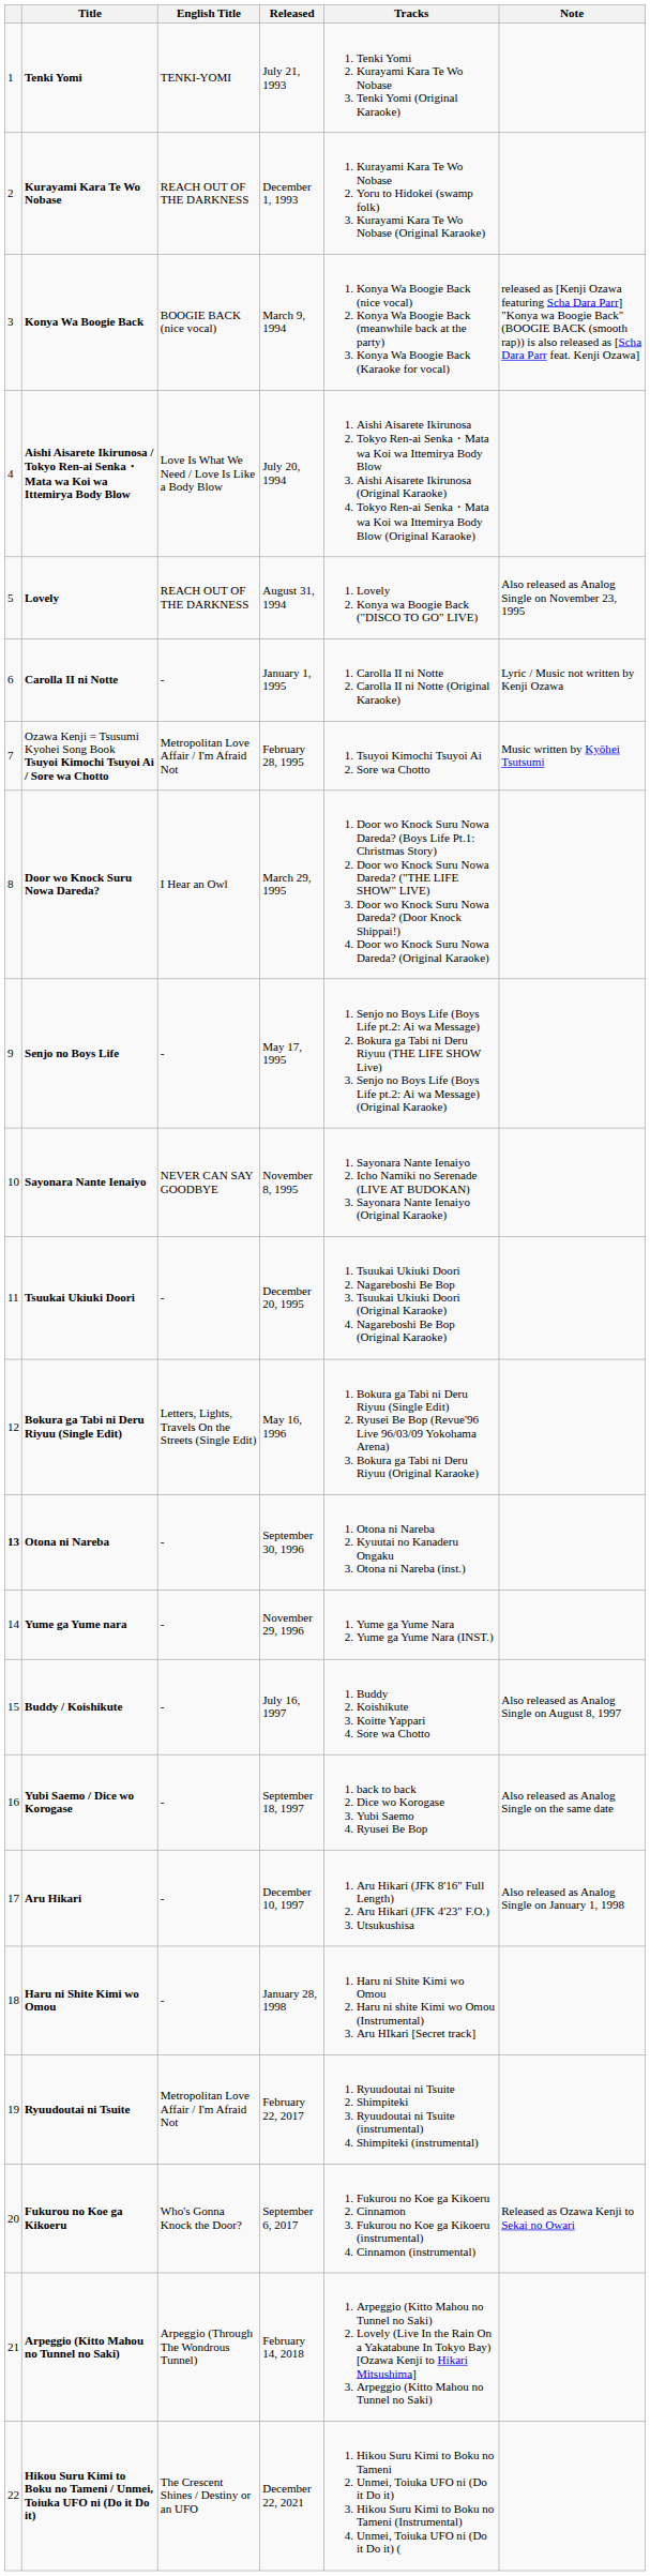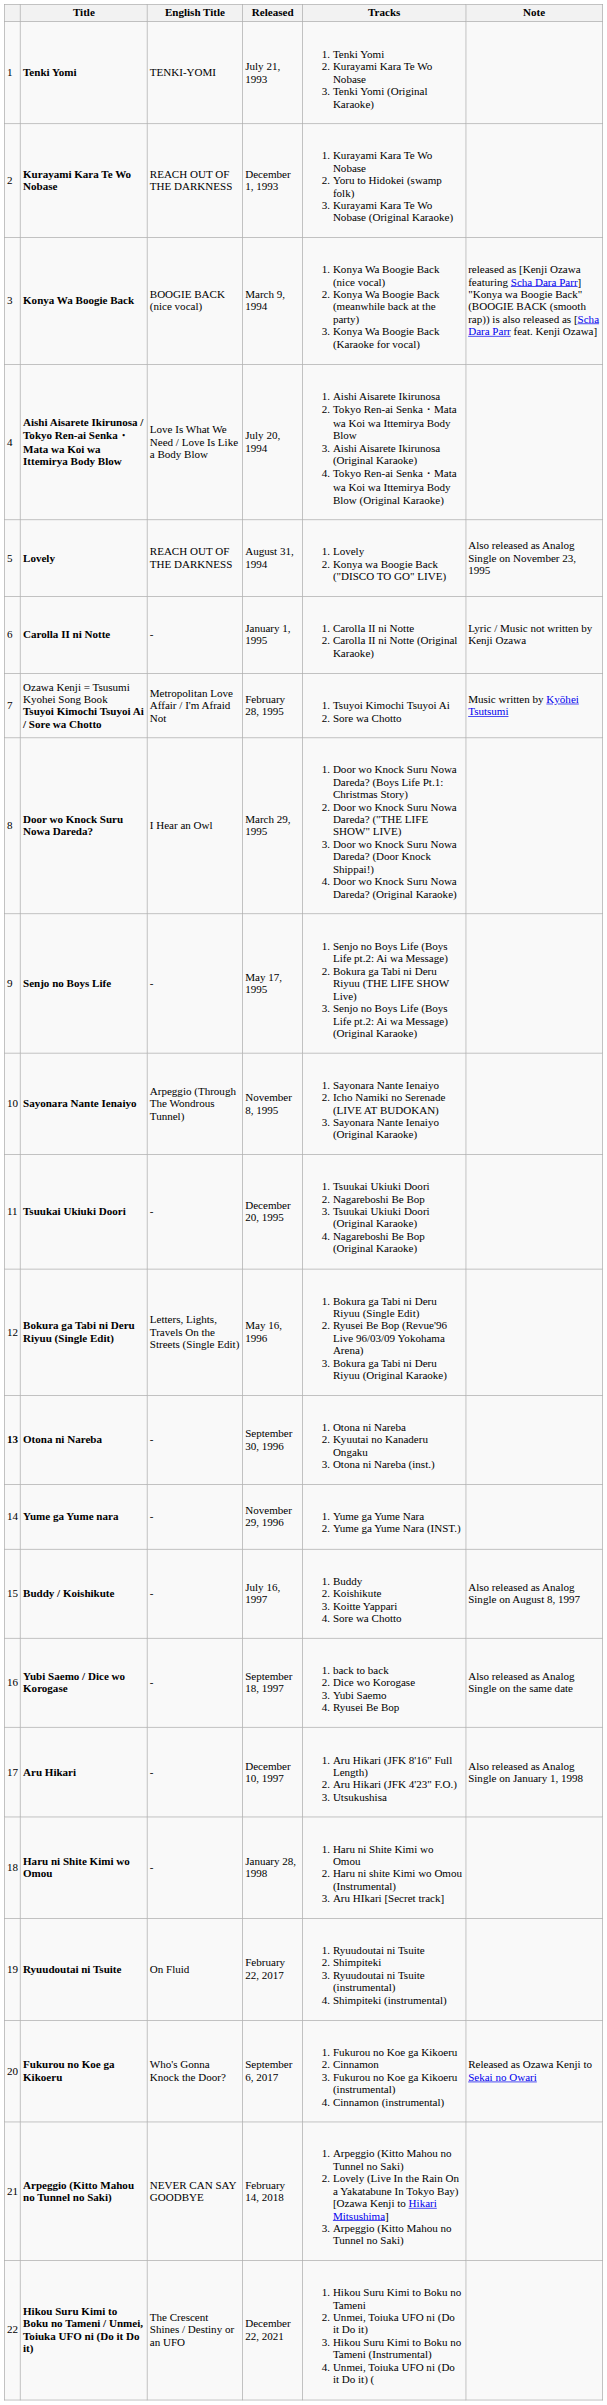 <table class="wikitable">
 <tr>
 <th></th>
 <th>Title</th>
 <th>English Title</th>
 <th>Released</th>
 <th>Tracks</th>
 <th>Note</th>
 </tr>
 <tr>
 <td>1</td>
 <td><strong>Tenki Yomi</strong></td>
 <td>TENKI-YOMI</td>
 <td>July 21, 1993</td>
 <td><br><ol><li>Tenki Yomi</li><li>Kurayami Kara Te Wo Nobase</li><li>Tenki Yomi (Original Karaoke)</li></ol></td>
 <td></td>
 </tr>
 <tr>
 <td>2</td>
 <td><strong>Kurayami Kara Te Wo Nobase</strong></td>
 <td>REACH OUT OF THE DARKNESS</td>
 <td>December 1, 1993</td>
 <td><br><ol><li>Kurayami Kara Te Wo Nobase</li><li>Yoru to Hidokei (swamp folk)</li><li>Kurayami Kara Te Wo Nobase (Original Karaoke)</li></ol></td>
 <td></td>
 </tr>
 <tr>
 <td>3</td>
 <td><strong>Konya Wa Boogie Back</strong></td>
 <td>BOOGIE BACK (nice vocal)</td>
 <td>March 9, 1994</td>
 <td><br><ol><li>Konya Wa Boogie Back (nice vocal)</li><li>Konya Wa Boogie Back (meanwhile back at the party)</li><li>Konya Wa Boogie Back (Karaoke for vocal)</li></ol></td>
 <td>released as [Kenji Ozawa featuring <a href='#'>Scha Dara Parr</a>]<br>"Konya wa Boogie Back" (BOOGIE BACK (smooth rap)) is also released as [<a href='#'>Scha Dara Parr</a> feat. Kenji Ozawa]</td>
 </tr>
 <tr>
 <td>4</td>
 <td><strong>Aishi Aisarete Ikirunosa / Tokyo Ren-ai Senka・Mata wa Koi wa Ittemirya Body Blow</strong></td>
 <td>Love Is What We Need / Love Is Like a Body Blow</td>
 <td>July 20, 1994</td>
 <td><br><ol><li>Aishi Aisarete Ikirunosa</li><li>Tokyo Ren-ai Senka・Mata wa Koi wa Ittemirya Body Blow</li><li>Aishi Aisarete Ikirunosa (Original Karaoke)</li><li>Tokyo Ren-ai Senka・Mata wa Koi wa Ittemirya Body Blow (Original Karaoke)</li></ol></td>
 <td></td>
 </tr>
 <tr>
 <td>5</td>
 <td><strong>Lovely</strong></td>
 <td>REACH OUT OF THE DARKNESS</td>
 <td>August 31, 1994</td>
 <td><br><ol><li>Lovely</li><li>Konya wa Boogie Back ("DISCO TO GO" LIVE)</li></ol></td>
 <td>Also released as Analog Single on November 23, 1995</td>
 </tr>
 <tr>
 <td>6</td>
 <td><strong>Carolla II ni Notte</strong></td>
 <td>-</td>
 <td>January 1, 1995</td>
 <td><br><ol><li>Carolla II ni Notte</li><li>Carolla II ni Notte (Original Karaoke)</li></ol></td>
 <td>Lyric / Music not written by Kenji Ozawa</td>
 </tr>
 <tr>
 <td>7</td>
 <td>Ozawa Kenji = Tsusumi Kyohei Song Book<br><strong>Tsuyoi Kimochi Tsuyoi Ai / Sore wa Chotto</strong></td>
 <td>Metropolitan Love Affair / I'm Afraid Not</td>
 <td>February 28, 1995</td>
 <td><br><ol><li>Tsuyoi Kimochi Tsuyoi Ai</li><li>Sore wa Chotto</li></ol></td>
 <td>Music written by <a href='#'>Kyōhei Tsutsumi</a></td>
 </tr>
 <tr>
 <td>8</td>
 <td><strong>Door wo Knock Suru Nowa Dareda?</strong></td>
 <td>I Hear an Owl</td>
 <td>March 29, 1995</td>
 <td><br><ol><li>Door wo Knock Suru Nowa Dareda? (Boys Life Pt.1: Christmas Story)</li><li>Door wo Knock Suru Nowa Dareda? ("THE LIFE SHOW" LIVE)</li><li>Door wo Knock Suru Nowa Dareda? (Door Knock Shippai!)</li><li>Door wo Knock Suru Nowa Dareda? (Original Karaoke)</li></ol></td>
 <td></td>
 </tr>
 <tr>
 <td>9</td>
 <td><strong>Senjo no Boys Life</strong></td>
 <td>-</td>
 <td>May 17, 1995</td>
 <td><br><ol><li>Senjo no Boys Life (Boys Life pt.2: Ai wa Message)</li><li>Bokura ga Tabi ni Deru Riyuu (THE LIFE SHOW Live)</li><li>Senjo no Boys Life (Boys Life pt.2: Ai wa Message) (Original Karaoke)</li></ol></td>
 <td></td>
 </tr>
 <tr>
 <td>10</td>
 <td><strong>Sayonara Nante Ienaiyo</strong></td>
-<td>NEVER CAN SAY GOODBYE</td>
+<td>Arpeggio (Through The Wondrous Tunnel)</td>
 <td>November 8, 1995</td>
 <td><br><ol><li>Sayonara Nante Ienaiyo</li><li>Icho Namiki no Serenade (LIVE AT BUDOKAN)</li><li>Sayonara Nante Ienaiyo (Original Karaoke)</li></ol></td>
 <td></td>
 </tr>
 <tr>
 <td>11</td>
 <td><strong>Tsuukai Ukiuki Doori</strong></td>
 <td>-</td>
 <td>December 20, 1995</td>
 <td><br><ol><li>Tsuukai Ukiuki Doori</li><li>Nagareboshi Be Bop</li><li>Tsuukai Ukiuki Doori (Original Karaoke)</li><li>Nagareboshi Be Bop (Original Karaoke)</li></ol></td>
 <td></td>
 </tr>
 <tr>
 <td>12</td>
 <td><strong>Bokura ga Tabi ni Deru Riyuu (Single Edit)</strong></td>
 <td>Letters, Lights, Travels On the Streets (Single Edit)</td>
 <td>May 16, 1996</td>
 <td><br><ol><li>Bokura ga Tabi ni Deru Riyuu (Single Edit)</li><li>Ryusei Be Bop (Revue'96 Live 96/03/09 Yokohama Arena)</li><li>Bokura ga Tabi ni Deru Riyuu (Original Karaoke)</li></ol></td>
 <td></td>
 </tr>
 <tr>
 <td><strong>13</strong></td>
 <td><strong>Otona ni Nareba</strong></td>
 <td>-</td>
 <td>September 30, 1996</td>
 <td><br><ol><li>Otona ni Nareba</li><li>Kyuutai no Kanaderu Ongaku</li><li>Otona ni Nareba (inst.)</li></ol></td>
 <td></td>
 </tr>
 <tr>
 <td>14</td>
 <td><strong>Yume ga Yume nara</strong></td>
 <td>-</td>
 <td>November 29, 1996</td>
 <td><br><ol><li>Yume ga Yume Nara</li><li>Yume ga Yume Nara (INST.)</li></ol></td>
 <td></td>
 </tr>
 <tr>
 <td>15</td>
 <td><strong>Buddy / Koishikute</strong></td>
 <td>-</td>
 <td>July 16, 1997</td>
 <td><br><ol><li>Buddy</li><li>Koishikute</li><li>Koitte Yappari</li><li>Sore wa Chotto</li></ol></td>
 <td>Also released as Analog Single on August 8, 1997</td>
 </tr>
 <tr>
 <td>16</td>
 <td><strong>Yubi Saemo / Dice wo Korogase</strong></td>
 <td>-</td>
 <td>September 18, 1997</td>
 <td><br><ol><li>back to back</li><li>Dice wo Korogase</li><li>Yubi Saemo</li><li>Ryusei Be Bop</li></ol></td>
 <td>Also released as Analog Single on the same date</td>
 </tr>
 <tr>
 <td>17</td>
 <td><strong>Aru Hikari</strong></td>
 <td>-</td>
 <td>December 10, 1997</td>
 <td><br><ol><li>Aru Hikari (JFK 8'16" Full Length)</li><li>Aru Hikari (JFK 4'23" F.O.)</li><li>Utsukushisa</li></ol></td>
 <td>Also released as Analog Single on January 1, 1998</td>
 </tr>
 <tr>
 <td>18</td>
 <td><strong>Haru ni Shite Kimi wo Omou</strong></td>
 <td>-</td>
 <td>January 28, 1998</td>
 <td><br><ol><li>Haru ni Shite Kimi wo Omou</li><li>Haru ni shite Kimi wo Omou (Instrumental)</li><li>Aru HIkari [Secret track]</li></ol></td>
 <td></td>
 </tr>
 <tr>
 <td>19</td>
 <td><strong>Ryuudoutai ni Tsuite</strong></td>
-<td>Metropolitan Love Affair / I'm Afraid Not</td>
+<td>On Fluid</td>
 <td>February 22, 2017</td>
 <td><br><ol><li>Ryuudoutai ni Tsuite</li><li>Shimpiteki</li><li>Ryuudoutai ni Tsuite (instrumental)</li><li>Shimpiteki (instrumental)</li></ol></td>
 <td></td>
 </tr>
 <tr>
 <td>20</td>
 <td><strong>Fukurou no Koe ga Kikoeru</strong></td>
 <td>Who's Gonna Knock the Door?</td>
 <td>September 6, 2017</td>
 <td><br><ol><li>Fukurou no Koe ga Kikoeru</li><li>Cinnamon</li><li>Fukurou no Koe ga Kikoeru (instrumental)</li><li>Cinnamon (instrumental)</li></ol></td>
 <td>Released as Ozawa Kenji to <a href='#'>Sekai no Owari</a></td>
 </tr>
 <tr>
 <td>21</td>
 <td><strong>Arpeggio (Kitto Mahou no Tunnel no Saki)</strong></td>
-<td>Arpeggio (Through The Wondrous Tunnel)</td>
+<td>NEVER CAN SAY GOODBYE</td>
 <td>February 14, 2018</td>
 <td><br><ol><li>Arpeggio (Kitto Mahou no Tunnel no Saki)</li><li>Lovely (Live In the Rain On a Yakatabune In Tokyo Bay) [Ozawa Kenji to <a href='#'>Hikari Mitsushima</a>]</li><li>Arpeggio (Kitto Mahou no Tunnel no Saki)</li></ol></td>
 <td></td>
 </tr>
 <tr>
 <td>22</td>
 <td><strong>Hikou Suru Kimi to Boku no Tameni / Unmei, Toiuka UFO ni (Do it Do it)</strong></td>
 <td>The Crescent Shines / Destiny or an UFO</td>
 <td>December 22, 2021</td>
 <td><br><ol><li>Hikou Suru Kimi to Boku no Tameni</li><li>Unmei, Toiuka UFO ni (Do it Do it)</li><li>Hikou Suru Kimi to Boku no Tameni (Instrumental)</li><li>Unmei, Toiuka UFO ni (Do it Do it) (</li></ol></td>
 <td></td>
 </tr>
 </table>
